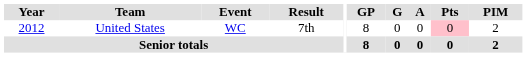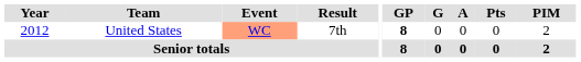 <table border="0" cellpadding="1" cellspacing="0" ID="Table3" style="text-align:center; width:40em">
 <tr ALIGN="center" bgcolor="#e0e0e0">
 <th>Year</th>
 <th>Team</th>
 <th>Event</th>
 <th>Result</th>
 <th rowspan="99" bgcolor="#ffffff"></th>
 <th>GP</th>
 <th>G</th>
 <th>A</th>
 <th>Pts</th>
 <th>PIM</th>
 </tr>
 <tr>
 <td><a href='#'>2012</a></td>
 <td><a href='#'>United States</a></td>
-<td><a href='#'>WC</a></td>
+<td style="background: lightsalmon;"><a href='#'>WC</a></td>
 <td>7th</td>
-<td>8</td>
+<td><strong>8</strong></td>
 <td>0</td>
 <td>0</td>
-<td style="background: pink;">0</td>
+<td>0</td>
 <td>2</td>
 </tr>
 <tr bgcolor="#e0e0e0">
 <th colspan="4">Senior totals</th>
 <th>8</th>
 <th>0</th>
 <th>0</th>
 <th>0</th>
 <th>2</th>
 </tr>
 </table>
